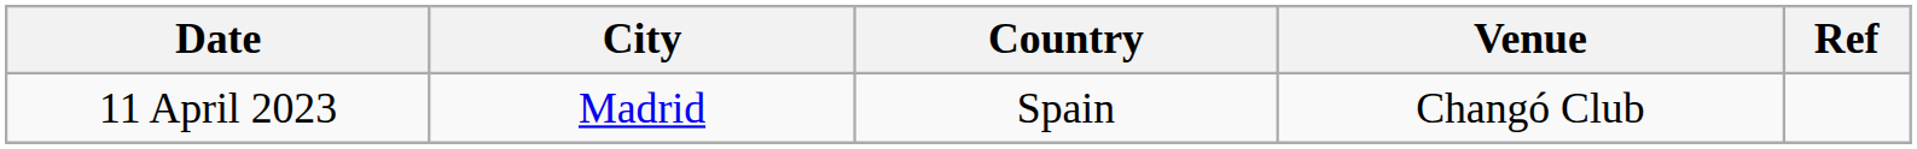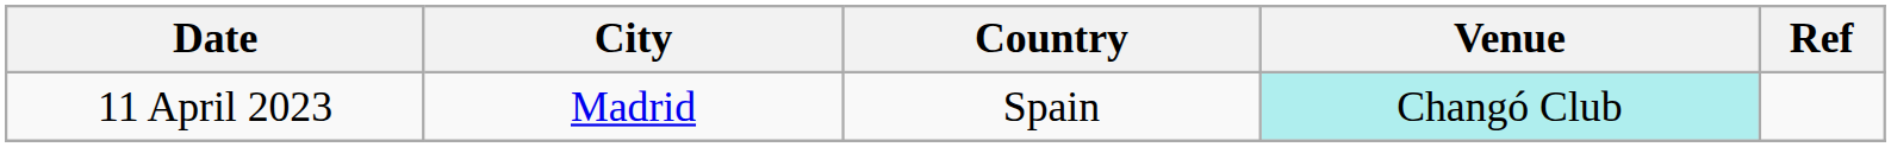 <table class="wikitable" style="text-align:center;">
 <tr bgcolor="#CCCCCC">
 <th width="150" rowspan="1">Date</th>
 <th width="150" rowspan="1">City</th>
 <th width="150" rowspan="1">Country</th>
 <th width="180" rowspan="1">Venue</th>
 <th width="40" rowspan="1">Ref</th>
 </tr>
 <tr>
 <td>11 April 2023</td>
 <td><a href='#'>Madrid</a></td>
 <td>Spain</td>
-<td>Changó Club</td>
+<td style="background: paleturquoise;">Changó Club</td>
 <td></td>
 </tr>
 <tr>
 </tr>
 </table>
